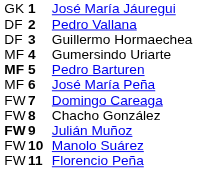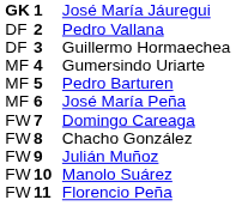 <table cellspacing="0" cellpadding="0" style="font-size:90%; margin:0.2em auto;">
 <tr>
 <th width="25"></th>
 <th width="25"></th>
 </tr>
 <tr>
-<td>GK</td>
+<td><strong>GK</strong></td>
 <td><strong>1</strong></td>
 <td> <a href='#'>José María Jáuregui</a></td>
 </tr>
 <tr>
 <td>DF</td>
 <td><strong>2</strong></td>
 <td> <a href='#'>Pedro Vallana</a></td>
 </tr>
 <tr>
 <td>DF</td>
 <td><strong>3</strong></td>
 <td> Guillermo Hormaechea</td>
 </tr>
 <tr>
 <td>MF</td>
 <td><strong>4</strong></td>
 <td> Gumersindo Uriarte</td>
 </tr>
 <tr>
-<td><strong>MF</strong></td>
+<td>MF</td>
 <td><strong>5</strong></td>
 <td> <a href='#'>Pedro Barturen</a></td>
 </tr>
 <tr>
 <td>MF</td>
 <td><strong>6</strong></td>
 <td> <a href='#'>José María Peña</a></td>
 </tr>
 <tr>
 <td>FW</td>
 <td><strong>7</strong></td>
 <td> <a href='#'>Domingo Careaga</a></td>
 </tr>
 <tr>
 <td>FW</td>
 <td><strong>8</strong></td>
 <td> Chacho González</td>
 </tr>
 <tr>
-<td><strong>FW</strong></td>
+<td>FW</td>
 <td><strong>9</strong></td>
 <td> <a href='#'>Julián Muñoz</a></td>
 </tr>
 <tr>
 <td>FW</td>
 <td><strong>10</strong></td>
 <td> <a href='#'>Manolo Suárez</a></td>
 </tr>
 <tr>
 <td>FW</td>
 <td><strong>11</strong></td>
 <td> <a href='#'>Florencio Peña</a></td>
 </tr>
 <tr>
 </tr>
 </table>
